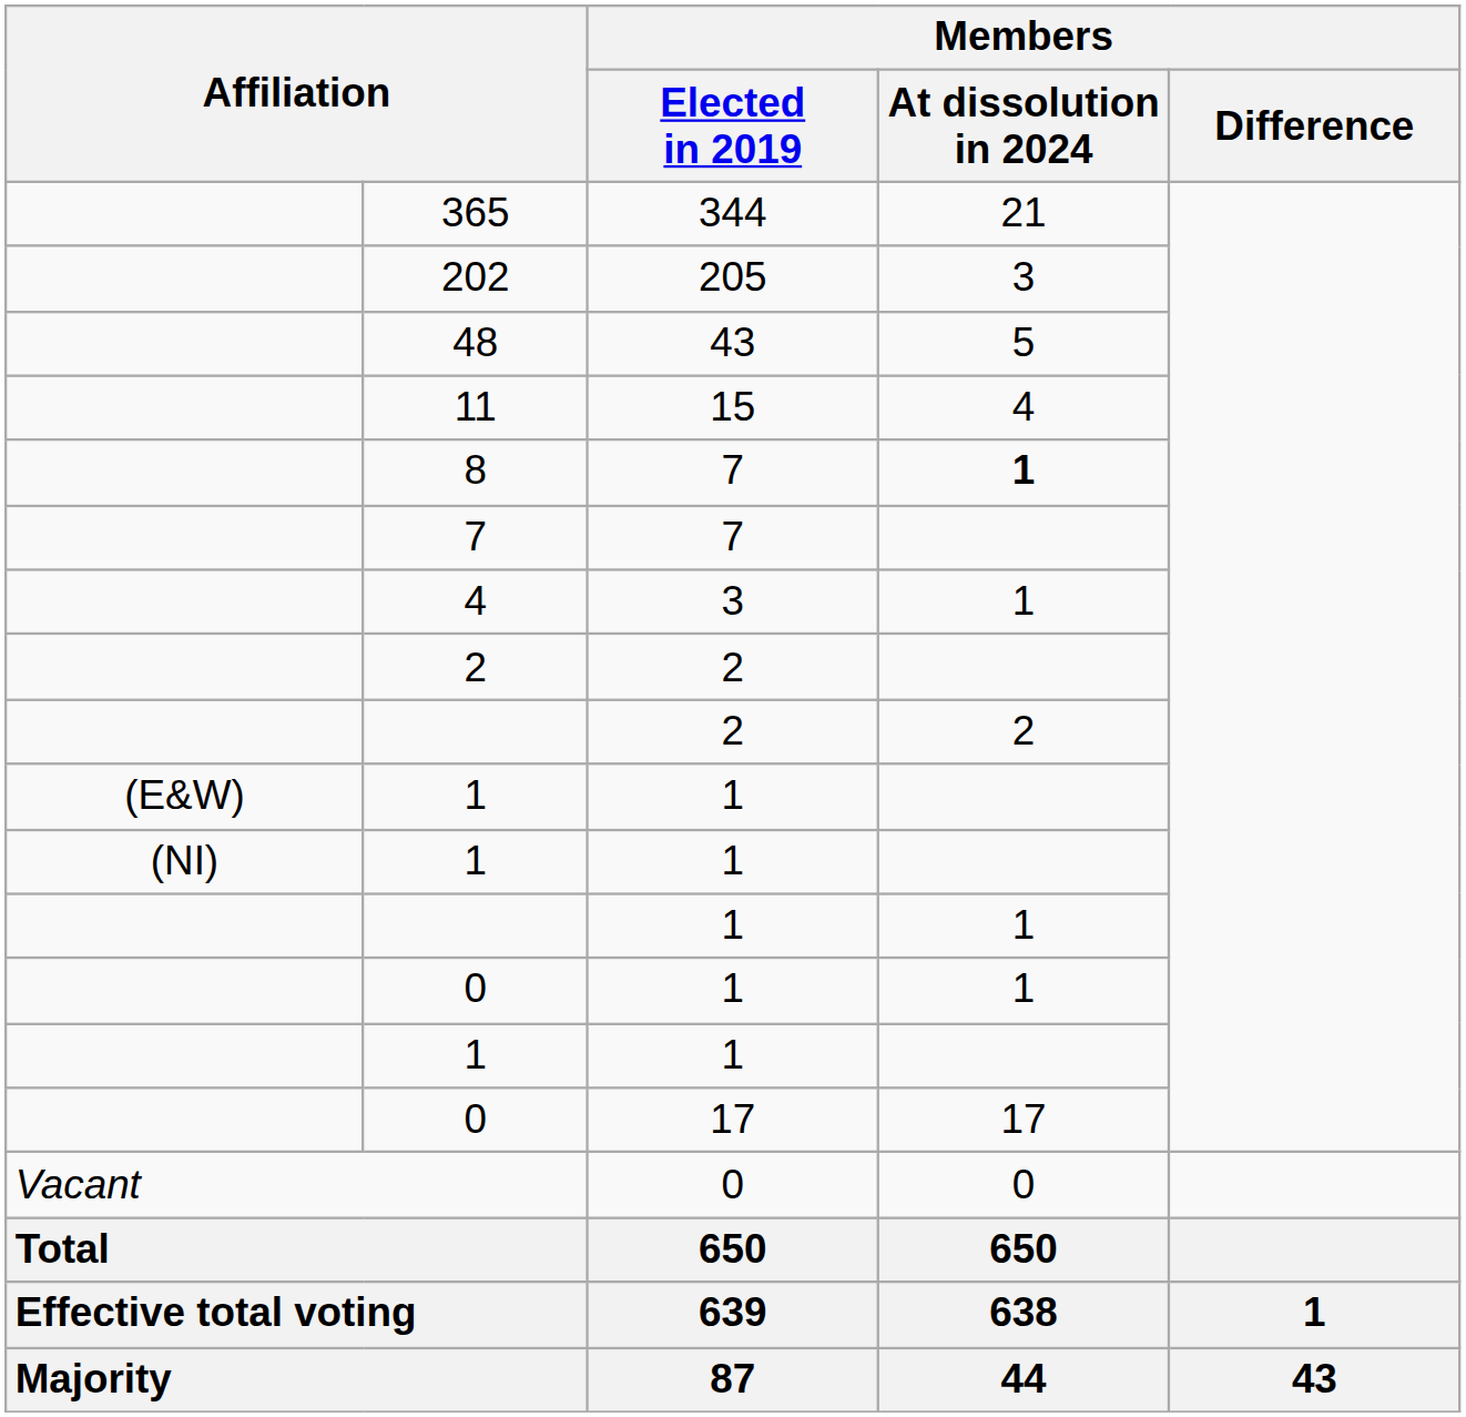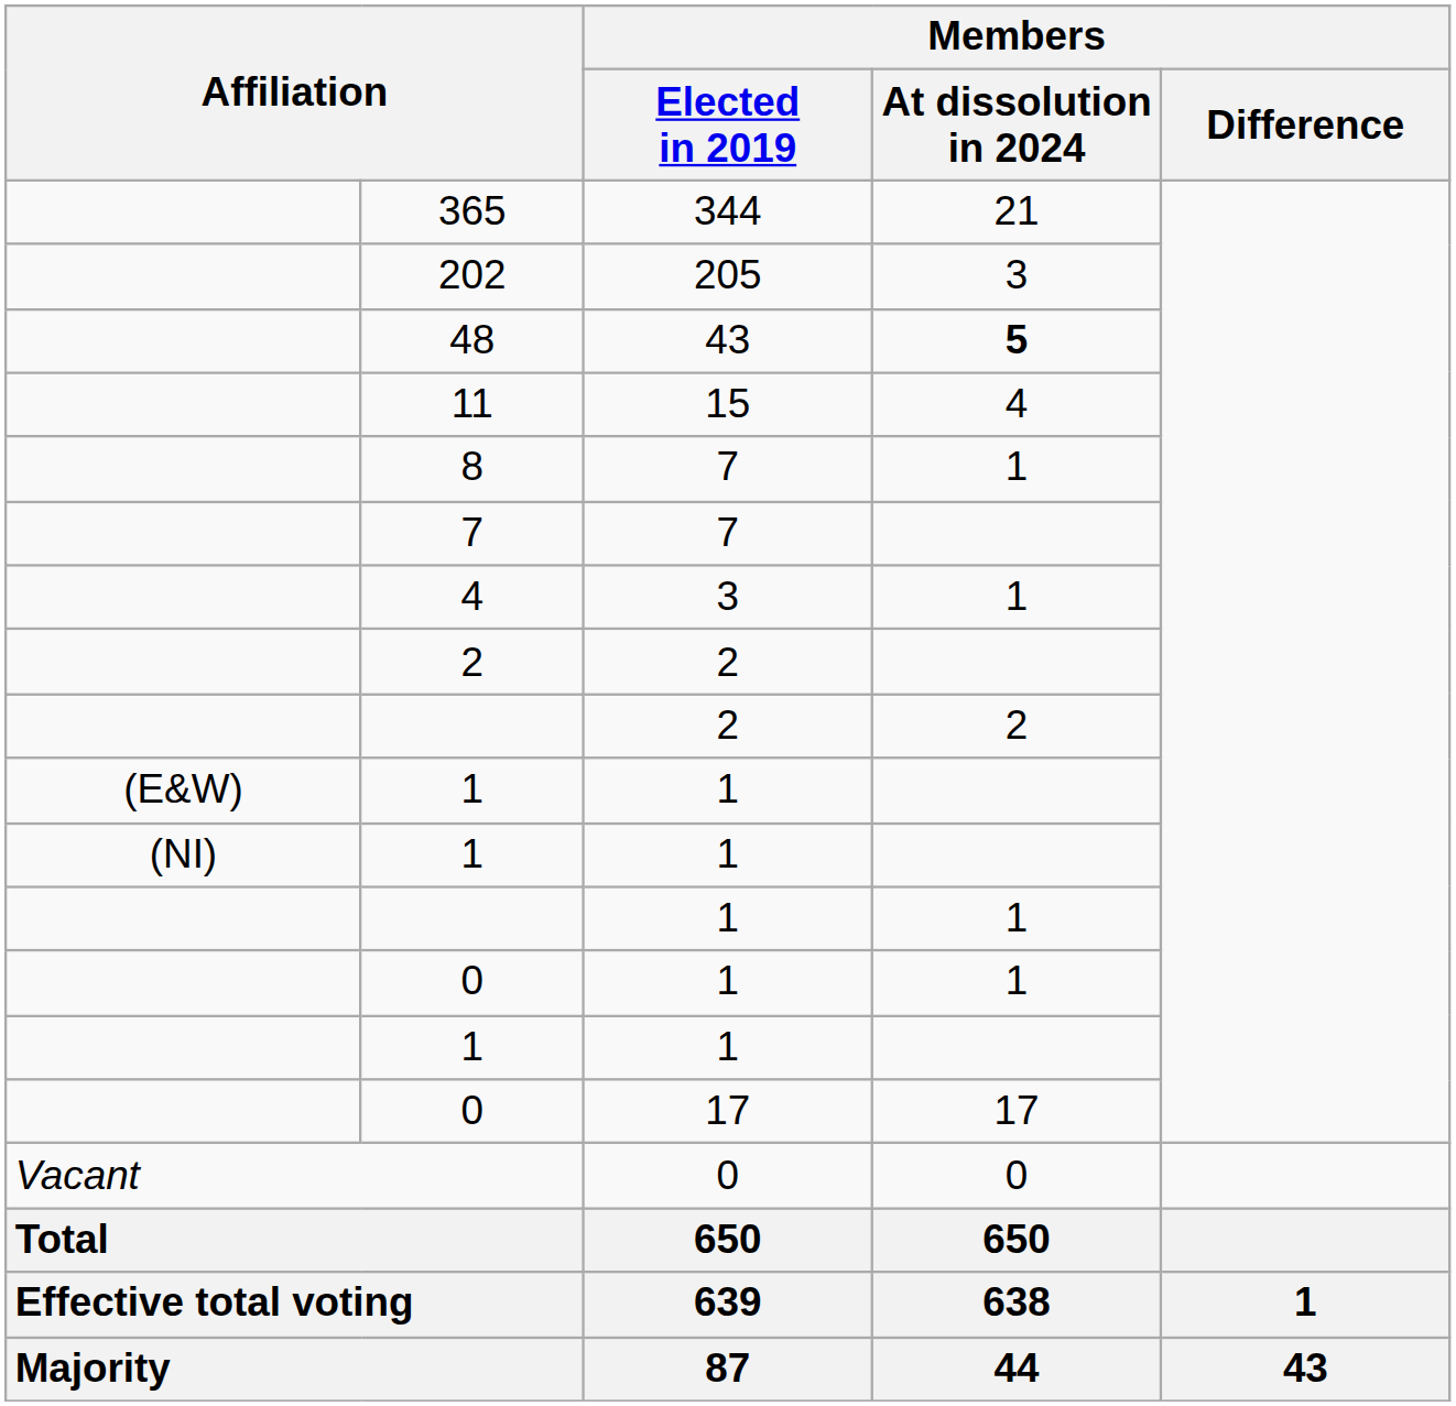 <table class="wikitable" style="text-align:center;">
 <tr>
 <th colspan="2" rowspan="2" class=unsortable style="width:40%; vertical-align:middle; text-align:center;">Affiliation</th>
 <th colspan="3"                              style="vertical-align:top;">Members</th>
 </tr>
 <tr>
 <th data-sort-type=number style="width:20%;"><a href='#'>Elected <br>in 2019</a></th>
 <th style="width:20%;">At dissolution <br>in 2024</th>
 <th style="width:20%;">Difference</th>
 </tr>
 <tr>
 <td></td>
 <td>365</td>
 <td>344</td>
 <td> 21</td>
 </tr>
 <tr>
 <td></td>
 <td>202</td>
 <td>205</td>
 <td> 3</td>
 </tr>
 <tr>
 <td></td>
 <td>48</td>
 <td>43</td>
-<td> 5</td>
+<td><strong> 5</strong></td>
 </tr>
 <tr>
 <td></td>
 <td>11</td>
 <td>15</td>
 <td> 4</td>
 </tr>
 <tr>
 <td></td>
 <td>8</td>
 <td>7</td>
-<td><strong> 1</strong></td>
+<td> 1</td>
 </tr>
 <tr>
 <td></td>
 <td>7</td>
 <td>7</td>
 <td></td>
 </tr>
 <tr>
 <td></td>
 <td>4</td>
 <td>3</td>
 <td> 1</td>
 </tr>
 <tr>
 <td></td>
 <td>2</td>
 <td>2</td>
 <td></td>
 </tr>
 <tr>
 <td></td>
 <td></td>
 <td>2</td>
 <td> 2</td>
 </tr>
 <tr>
 <td> (E&W)</td>
 <td>1</td>
 <td>1</td>
 <td></td>
 </tr>
 <tr>
 <td> (NI)</td>
 <td>1</td>
 <td>1</td>
 <td></td>
 </tr>
 <tr>
 <td></td>
 <td></td>
 <td>1</td>
 <td> 1</td>
 </tr>
 <tr>
 <td></td>
 <td>0</td>
 <td>1</td>
 <td> 1</td>
 </tr>
 <tr>
 <td></td>
 <td>1</td>
 <td>1</td>
 <td></td>
 </tr>
 <tr>
 <td></td>
 <td>0</td>
 <td>17</td>
 <td> 17</td>
 </tr>
 <tr>
 <td colspan="2" style="text-align:left;"><em>Vacant</em></td>
 <td>0</td>
 <td>0</td>
 <td></td>
 </tr>
 <tr>
 <th colspan="2" style="text-align:left;">Total</th>
 <th>650</th>
 <th>650</th>
 <th></th>
 </tr>
 <tr>
 <th colspan="2" style="text-align:left;">Effective total voting</th>
 <th>639</th>
 <th>638</th>
 <th> 1</th>
 </tr>
 <tr>
 <th colspan="2" style="text-align:left;">Majority</th>
 <th>87</th>
 <th>44</th>
 <th> 43</th>
 </tr>
 </table>
